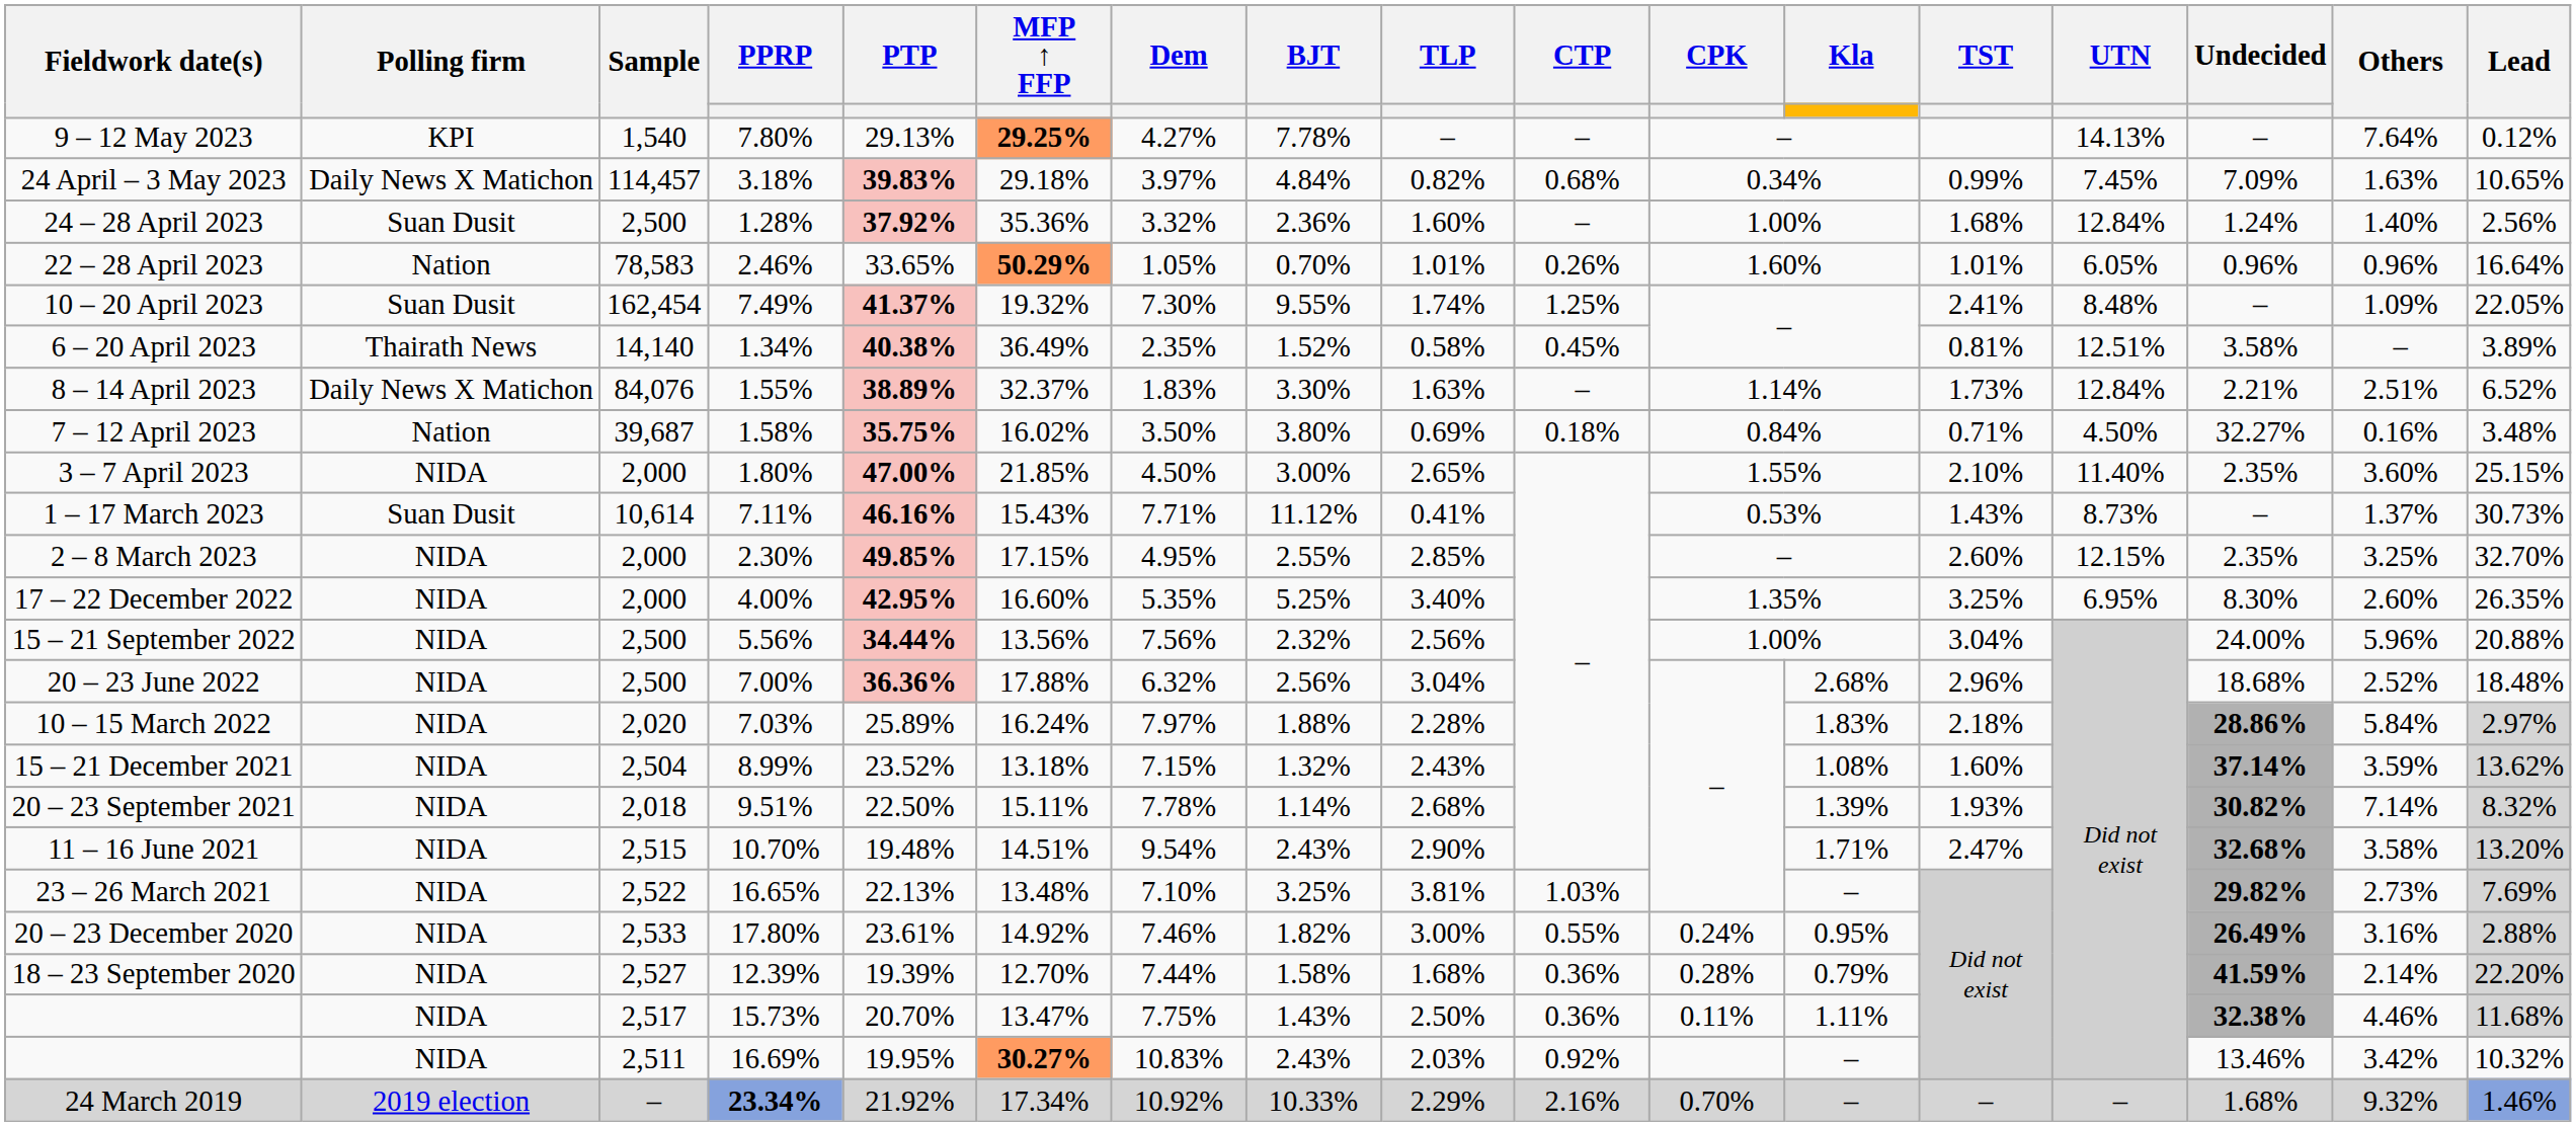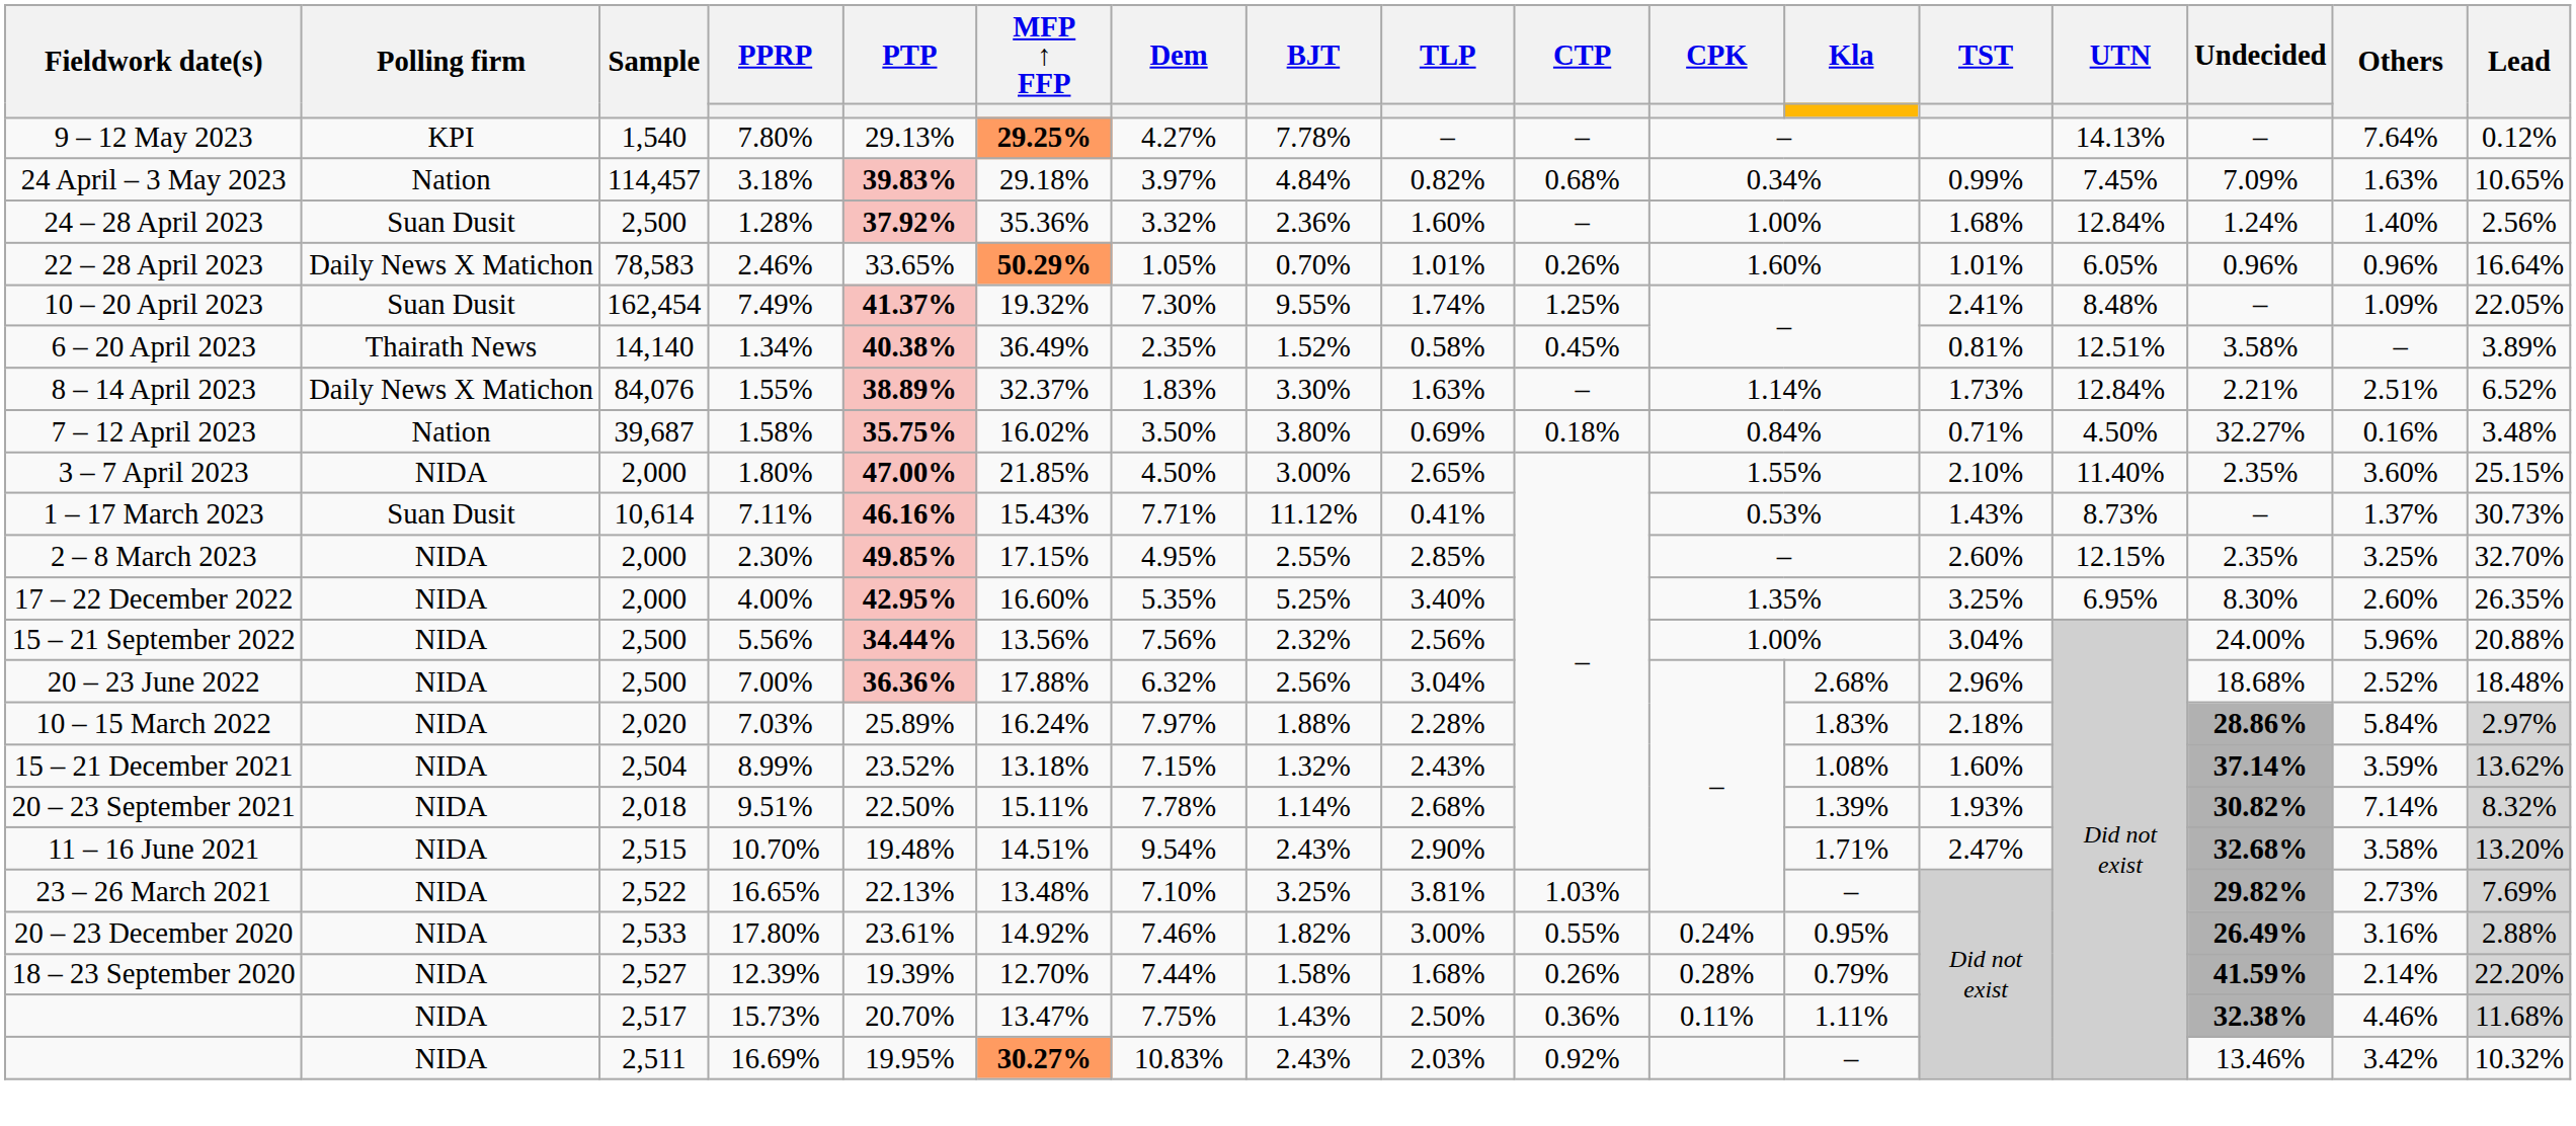 <table class="wikitable collapsible sortable" style="text-align:center;font-size:90%;line-height:14px">
 <tr>
 <th rowspan=2>Fieldwork date(s)</th>
 <th rowspan=2>Polling firm</th>
 <th rowspan=2>Sample</th>
 <th style="width:60px"><a href='#'>PPRP</a></th>
 <th style="width:60px"><a href='#'>PTP</a></th>
 <th style="width:60px"><a href='#'>MFP</a><br>↑<br><a href='#'>FFP</a></th>
 <th style="width:60px"><a href='#'>Dem</a></th>
 <th style="width:60px"><a href='#'>BJT</a></th>
 <th style="width:60px"><a href='#'>TLP</a></th>
 <th style="width:60px"><a href='#'>CTP</a></th>
 <th style="width:60px"><a href='#'>CPK</a></th>
 <th style="width:60px"><a href='#'>Kla</a></th>
 <th style="width:60px"><a href='#'>TST</a></th>
 <th style="width:60px"><a href='#'>UTN</a></th>
 <th>Undecided</th>
 <th class="unsortable" rowspan="2" style="width:60px;">Others</th>
 <th rowspan="2" class="unsortable">Lead</th>
 </tr>
 <tr>
 <th class="unsortable" style="color:inherit;background:"></th>
 <th class="unsortable" style="color:inherit;background:"></th>
 <th class="unsortable" style="color:inherit;background:"></th>
 <th class="unsortable" style="color:inherit;background:"></th>
 <th class="unsortable" style="color:inherit;background:"></th>
 <th class="unsortable" style="color:inherit;background:"></th>
 <th class="unsortable" style="color:inherit;background:"></th>
 <th class="unsortable" style="color:inherit;background:"></th>
 <th class="unsortable" style="color:inherit;background:#FFB804;"></th>
 <th class="unsortable" style="color:inherit;background:"></th>
 <th class="unsortable" style="color:inherit;background:"></th>
 <th class="unsortable" style="color:inherit;background:"></th>
 </tr>
 <tr>
 <td>9 – 12 May 2023</td>
 <td>KPI</td>
 <td>1,540</td>
 <td>7.80%</td>
 <td>29.13%</td>
 <td style="background:#ff9b61"><strong>29.25%</strong></td>
 <td>4.27%</td>
 <td>7.78%</td>
 <td>–</td>
 <td>–</td>
 <td colspan="2">–</td>
 <td></td>
 <td>14.13%</td>
 <td>–</td>
 <td>7.64%</td>
 <td style="background:">0.12%</td>
 </tr>
 <tr>
 <td>24 April – 3 May 2023</td>
-<td>Daily News X Matichon</td>
+<td>Nation</td>
 <td>114,457</td>
 <td>3.18%</td>
 <td style="background:#F8C1BE"><strong>39.83%</strong></td>
 <td>29.18%</td>
 <td>3.97%</td>
 <td>4.84%</td>
 <td>0.82%</td>
 <td>0.68%</td>
 <td colspan="2">0.34%</td>
 <td>0.99%</td>
 <td>7.45%</td>
 <td>7.09%</td>
 <td>1.63%</td>
 <td style="background:">10.65%</td>
 </tr>
 <tr>
 <td>24 – 28 April 2023</td>
 <td>Suan Dusit</td>
 <td>2,500</td>
 <td>1.28%</td>
 <td style="background:#F8C1BE"><strong>37.92%</strong></td>
 <td>35.36%</td>
 <td>3.32%</td>
 <td>2.36%</td>
 <td>1.60%</td>
 <td>–</td>
 <td colspan="2">1.00%</td>
 <td>1.68%</td>
 <td>12.84%</td>
 <td>1.24%</td>
 <td>1.40%</td>
 <td style="background:">2.56%</td>
 </tr>
 <tr>
 <td>22 – 28 April 2023</td>
-<td>Nation</td>
+<td>Daily News X Matichon</td>
 <td>78,583</td>
 <td>2.46%</td>
 <td>33.65%</td>
 <td style="background:#ff9b61"><strong>50.29%</strong></td>
 <td>1.05%</td>
 <td>0.70%</td>
 <td>1.01%</td>
 <td>0.26%</td>
 <td colspan="2">1.60%</td>
 <td>1.01%</td>
 <td>6.05%</td>
 <td>0.96%</td>
 <td>0.96%</td>
 <td style="background:">16.64%</td>
 </tr>
 <tr>
 <td>10 – 20 April 2023</td>
 <td>Suan Dusit</td>
 <td>162,454</td>
 <td>7.49%</td>
 <td style="background:#F8C1BE"><strong>41.37%</strong></td>
 <td>19.32%</td>
 <td>7.30%</td>
 <td>9.55%</td>
 <td>1.74%</td>
 <td>1.25%</td>
 <td colspan="2" rowspan="2">–</td>
 <td>2.41%</td>
 <td>8.48%</td>
 <td>–</td>
 <td>1.09%</td>
 <td style="background:">22.05%</td>
 </tr>
 <tr>
 <td>6 – 20 April 2023</td>
 <td>Thairath News</td>
 <td>14,140</td>
 <td>1.34%</td>
 <td style="background:#F8C1BE"><strong>40.38%</strong></td>
 <td>36.49%</td>
 <td>2.35%</td>
 <td>1.52%</td>
 <td>0.58%</td>
 <td>0.45%</td>
 <td>0.81%</td>
 <td>12.51%</td>
 <td>3.58%</td>
 <td>–</td>
 <td style="background:">3.89%</td>
 </tr>
 <tr>
 <td>8 – 14 April 2023</td>
 <td>Daily News X Matichon</td>
 <td>84,076</td>
 <td>1.55%</td>
 <td style="background:#F8C1BE"><strong>38.89%</strong></td>
 <td>32.37%</td>
 <td>1.83%</td>
 <td>3.30%</td>
 <td>1.63%</td>
 <td>–</td>
 <td colspan="2">1.14%</td>
 <td>1.73%</td>
 <td>12.84%</td>
 <td>2.21%</td>
 <td>2.51%</td>
 <td style="background:">6.52%</td>
 </tr>
 <tr>
 <td>7 – 12 April 2023</td>
 <td>Nation</td>
 <td>39,687</td>
 <td>1.58%</td>
 <td style="background:#F8C1BE"><strong>35.75%</strong></td>
 <td>16.02%</td>
 <td>3.50%</td>
 <td>3.80%</td>
 <td>0.69%</td>
 <td>0.18%</td>
 <td colspan="2">0.84%</td>
 <td>0.71%</td>
 <td>4.50%</td>
 <td>32.27%</td>
 <td>0.16%</td>
 <td style="background:">3.48%</td>
 </tr>
 <tr>
 <td>3 – 7 April 2023</td>
 <td>NIDA</td>
 <td>2,000</td>
 <td>1.80%</td>
 <td style="background:#F8C1BE"><strong>47.00%</strong></td>
 <td>21.85%</td>
 <td>4.50%</td>
 <td>3.00%</td>
 <td>2.65%</td>
 <td rowspan="10">–</td>
 <td colspan="2">1.55%</td>
 <td>2.10%</td>
 <td>11.40%</td>
 <td>2.35%</td>
 <td>3.60%</td>
 <td style="background:">25.15%</td>
 </tr>
 <tr>
 <td>1 – 17 March 2023</td>
 <td>Suan Dusit</td>
 <td>10,614</td>
 <td>7.11%</td>
 <td style="background:#F8C1BE"><strong>46.16%</strong></td>
 <td>15.43%</td>
 <td>7.71%</td>
 <td>11.12%</td>
 <td>0.41%</td>
 <td colspan="2">0.53%</td>
 <td>1.43%</td>
 <td>8.73%</td>
 <td>–</td>
 <td>1.37%</td>
 <td style="background:">30.73%</td>
 </tr>
 <tr>
 <td>2 – 8 March 2023</td>
 <td>NIDA</td>
 <td>2,000</td>
 <td>2.30%</td>
 <td style="background:#F8C1BE"><strong>49.85%</strong></td>
 <td>17.15%</td>
 <td>4.95%</td>
 <td>2.55%</td>
 <td>2.85%</td>
 <td colspan="2">–</td>
 <td>2.60%</td>
 <td>12.15%</td>
 <td>2.35%</td>
 <td>3.25%</td>
 <td style="background:">32.70%</td>
 </tr>
 <tr>
 <td>17 – 22 December 2022</td>
 <td>NIDA</td>
 <td>2,000</td>
 <td>4.00%</td>
 <td style="background:#F8C1BE"><strong>42.95%</strong></td>
 <td>16.60%</td>
 <td>5.35%</td>
 <td>5.25%</td>
 <td>3.40%</td>
 <td colspan="2">1.35%</td>
 <td>3.25%</td>
 <td>6.95%</td>
 <td>8.30%</td>
 <td>2.60%</td>
 <td style="background:">26.35%</td>
 </tr>
 <tr>
 <td>15 – 21 September 2022</td>
 <td>NIDA</td>
 <td>2,500</td>
 <td>5.56%</td>
 <td style="background:#F8C1BE"><strong>34.44%</strong></td>
 <td>13.56%</td>
 <td>7.56%</td>
 <td>2.32%</td>
 <td>2.56%</td>
 <td colspan="2">1.00%</td>
 <td>3.04%</td>
 <td rowspan="11" style="background:#D0D0D0; width:1px;"><small><em>Did not exist</em></small></td>
 <td>24.00%</td>
 <td>5.96%</td>
 <td style="background:">20.88%</td>
 </tr>
 <tr>
 <td>20 – 23 June 2022</td>
 <td>NIDA</td>
 <td>2,500</td>
 <td>7.00%</td>
 <td style="background:#F8C1BE"><strong>36.36%</strong></td>
 <td>17.88%</td>
 <td>6.32%</td>
 <td>2.56%</td>
 <td>3.04%</td>
 <td rowspan="6">–</td>
 <td>2.68%</td>
 <td>2.96%</td>
 <td>18.68%</td>
 <td>2.52%</td>
 <td style="background:">18.48%</td>
 </tr>
 <tr>
 <td>10 – 15 March 2022</td>
 <td>NIDA</td>
 <td>2,020</td>
 <td>7.03%</td>
 <td>25.89%</td>
 <td>16.24%</td>
 <td>7.97%</td>
 <td>1.88%</td>
 <td>2.28%</td>
 <td>1.83%</td>
 <td>2.18%</td>
 <td style="background:#B1B1B1;"><strong>28.86%</strong></td>
 <td>5.84%</td>
 <td style="background:#D5D5D5; color:black;">2.97%</td>
 </tr>
 <tr>
 <td>15 – 21 December 2021</td>
 <td>NIDA</td>
 <td>2,504</td>
 <td>8.99%</td>
 <td>23.52%</td>
 <td>13.18%</td>
 <td>7.15%</td>
 <td>1.32%</td>
 <td>2.43%</td>
 <td>1.08%</td>
 <td>1.60%</td>
 <td style="background:#B1B1B1;"><strong>37.14%</strong></td>
 <td>3.59%</td>
 <td style="background:#D5D5D5; color:black;">13.62%</td>
 </tr>
 <tr>
 <td>20 – 23 September 2021</td>
 <td>NIDA</td>
 <td>2,018</td>
 <td>9.51%</td>
 <td>22.50%</td>
 <td>15.11%</td>
 <td>7.78%</td>
 <td>1.14%</td>
 <td>2.68%</td>
 <td>1.39%</td>
 <td>1.93%</td>
 <td style="background:#B1B1B1;"><strong>30.82%</strong></td>
 <td>7.14%</td>
 <td style="background:#D5D5D5; color:black;">8.32%</td>
 </tr>
 <tr>
 <td>11 – 16 June 2021</td>
 <td>NIDA</td>
 <td>2,515</td>
 <td>10.70%</td>
 <td>19.48%</td>
 <td>14.51%</td>
 <td>9.54%</td>
 <td>2.43%</td>
 <td>2.90%</td>
 <td>1.71%</td>
 <td>2.47%</td>
 <td style="background:#B1B1B1;"><strong>32.68%</strong></td>
 <td>3.58%</td>
 <td style="background:#D5D5D5; color:black;">13.20%</td>
 </tr>
 <tr>
 <td>23 – 26 March 2021</td>
 <td>NIDA</td>
 <td>2,522</td>
 <td>16.65%</td>
 <td>22.13%</td>
 <td>13.48%</td>
 <td>7.10%</td>
 <td>3.25%</td>
 <td>3.81%</td>
 <td>1.03%</td>
 <td>–</td>
 <td rowspan="5" style="background:#D0D0D0; width:1px;"><small><em>Did not exist</em></small></td>
 <td style="background:#B1B1B1;"><strong>29.82%</strong></td>
 <td>2.73%</td>
 <td style="background:#D5D5D5; color:black;">7.69%</td>
 </tr>
 <tr>
 <td>20 – 23 December 2020</td>
 <td>NIDA</td>
 <td>2,533</td>
 <td>17.80%</td>
 <td>23.61%</td>
 <td>14.92%</td>
 <td>7.46%</td>
 <td>1.82%</td>
 <td>3.00%</td>
 <td>0.55%</td>
 <td>0.24%</td>
 <td>0.95%</td>
 <td style="background:#B1B1B1;"><strong>26.49%</strong></td>
 <td>3.16%</td>
 <td style="background:#D5D5D5; color:black;">2.88%</td>
 </tr>
 <tr>
 <td>18 – 23 September 2020</td>
 <td>NIDA</td>
 <td>2,527</td>
 <td>12.39%</td>
 <td>19.39%</td>
 <td>12.70%</td>
 <td>7.44%</td>
 <td>1.58%</td>
 <td>1.68%</td>
-<td>0.36%</td>
+<td>0.26%</td>
 <td>0.28%</td>
 <td>0.79%</td>
 <td style="background:#B1B1B1;"><strong>41.59%</strong></td>
 <td>2.14%</td>
 <td style="background:#D5D5D5; color:black;">22.20%</td>
 </tr>
 <tr>
 <td></td>
 <td>NIDA</td>
 <td>2,517</td>
 <td>15.73%</td>
 <td>20.70%</td>
 <td>13.47%</td>
 <td>7.75%</td>
 <td>1.43%</td>
 <td>2.50%</td>
 <td>0.36%</td>
 <td>0.11%</td>
 <td>1.11%</td>
 <td style="background:#B1B1B1;"><strong>32.38%</strong></td>
 <td>4.46%</td>
 <td style="background:#D5D5D5; color:black;">11.68%</td>
 </tr>
 <tr>
 <td></td>
 <td>NIDA</td>
 <td>2,511</td>
 <td>16.69%</td>
 <td>19.95%</td>
 <td style="background:#ff9b61"><strong>30.27%</strong></td>
 <td>10.83%</td>
 <td>2.43%</td>
 <td>2.03%</td>
 <td>0.92%</td>
 <td></td>
 <td>–</td>
 <td>13.46%</td>
 <td>3.42%</td>
 <td style="background:">10.32%</td>
 </tr>
-<tr>
-<td style="background:#D5D5D5">24 March 2019</td>
-<td style="background:#D5D5D5"><a href='#'>2019 election</a></td>
-<td style="background:#D5D5D5">–</td>
-<td style="background:#85a2dd;"><strong>23.34%</strong></td>
-<td style="background:#D5D5D5">21.92%</td>
-<td style="background:#D5D5D5">17.34%</td>
-<td style="background:#D5D5D5">10.92%</td>
-<td style="background:#D5D5D5">10.33%</td>
-<td style="background:#D5D5D5">2.29%</td>
-<td style="background:#D5D5D5">2.16%</td>
-<td style="background:#D5D5D5">0.70%</td>
-<td style="background:#D5D5D5">–</td>
-<td style="background:#D5D5D5">–</td>
-<td style="background:#D5D5D5">–</td>
-<td style="background:#D5D5D5">1.68%</td>
-<td style="background:#D5D5D5">9.32%</td>
-<td style="background:#85a2dd;">1.46%</td>
-</tr>
 </table>
